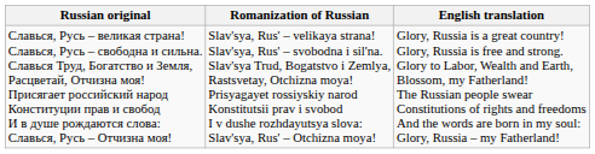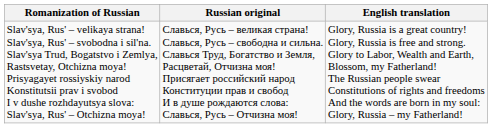 <table class="wikitable">
 <tr>
+<th>Romanization of Russian</th>
 <th>Russian original</th>
-<th>Romanization of Russian</th>
 <th>English translation</th>
 </tr>
 <tr>
+<td>Slav'sya, Rus' – velikaya strana!<br>Slav'sya, Rus' – svobodna i sil'na.<br>Slav'sya Trud, Bogatstvo i Zemlya,<br>Rastsvetay, Otchizna moya!<br>Prisyagayet rossiyskiy narod<br>Konstitutsii prav i svobod<br>I v dushe rozhdayutsya slova:<br>Slav'sya, Rus' – Otchizna moya!</td>
 <td>Славься, Русь – великая страна!<br>Славься, Русь – свободна и сильна.<br>Славься Труд, Богатство и Земля,<br>Расцветай, Отчизна моя!<br>Присягает российский народ<br>Конституции прав и свобод<br>И в душе рождаются слова:<br>Славься, Русь – Отчизна моя!</td>
-<td>Slav'sya, Rus' – velikaya strana!<br>Slav'sya, Rus' – svobodna i sil'na.<br>Slav'sya Trud, Bogatstvo i Zemlya,<br>Rastsvetay, Otchizna moya!<br>Prisyagayet rossiyskiy narod<br>Konstitutsii prav i svobod<br>I v dushe rozhdayutsya slova:<br>Slav'sya, Rus' – Otchizna moya!</td>
 <td>Glory, Russia is a great country!<br>Glory, Russia is free and strong.<br>Glory to Labor, Wealth and Earth,<br>Blossom, my Fatherland!<br>The Russian people swear<br>Constitutions of rights and freedoms<br>And the words are born in my soul:<br>Glory, Russia – my Fatherland!</td>
 </tr>
 </table>
